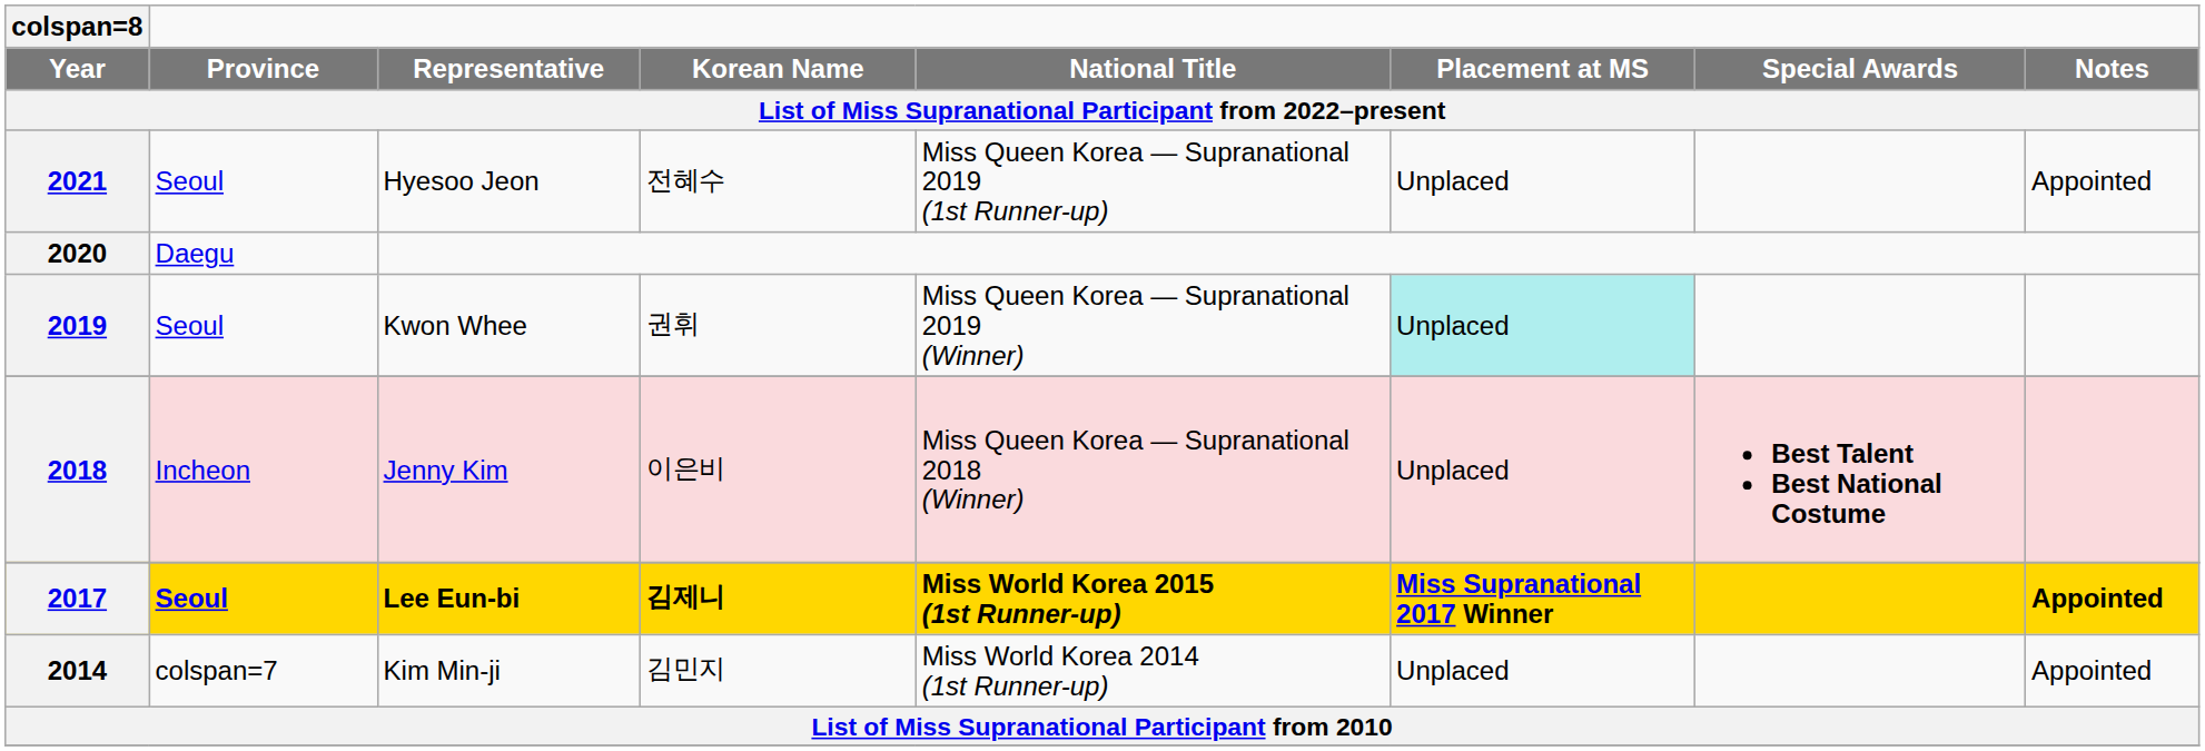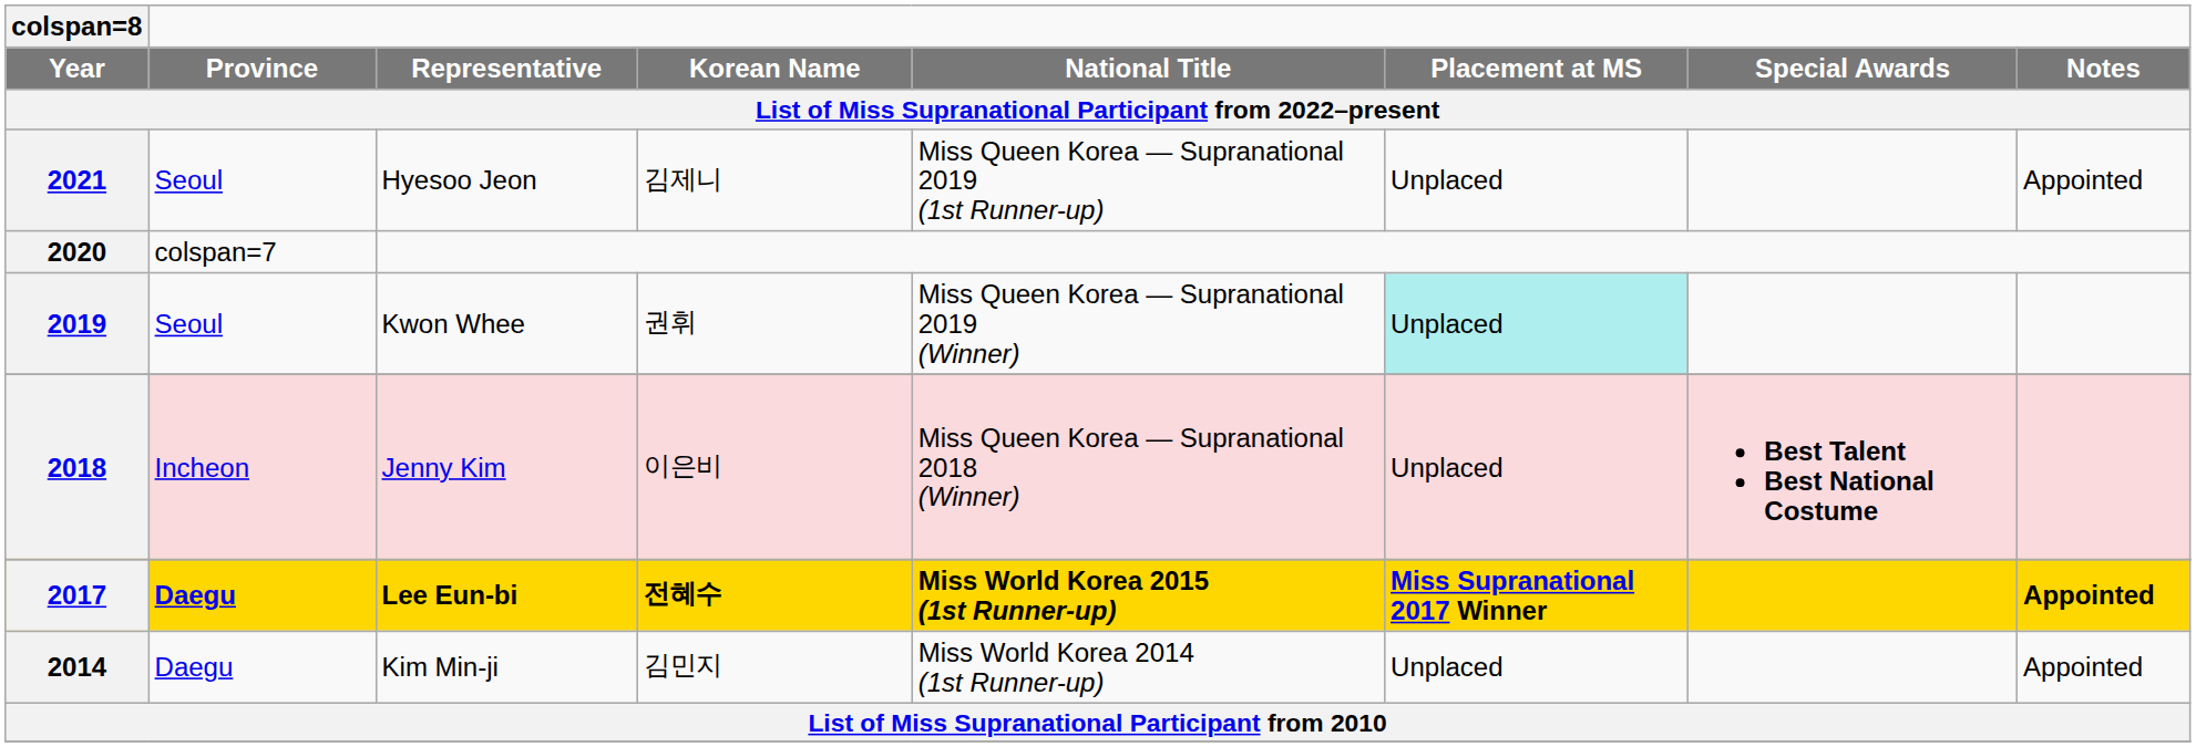 <table class="wikitable " style="font-size: 95%;">
 <tr>
 <th>colspan=8 </th>
 </tr>
 <tr>
 <th width="60" style="background-color:#787878;color:#FFFFFF;">Year</th>
 <th width="150" style="background-color:#787878;color:#FFFFFF;">Province</th>
 <th width="160" style="background-color:#787878;color:#FFFFFF;">Representative</th>
 <th width="200" style="background-color:#787878;color:#FFFFFF;">Korean Name</th>
 <th width="350" style="background-color:#787878;color:#FFFFFF;">National Title</th>
 <th width="200" style="background-color:#787878;color:#FFFFFF;">Placement at MS</th>
 <th width="220" style="background-color:#787878;color:#FFFFFF;">Special Awards</th>
 <th width="100" style="background-color:#787878;color:#FFFFFF;">Notes</th>
 </tr>
 <tr>
 <th colspan="8" style="font-size:95%;"><a href='#'>List of Miss Supranational Participant</a> from 2022–present</th>
 </tr>
 <tr>
 <th><a href='#'>2021</a></th>
 <td><a href='#'>Seoul</a></td>
 <td>Hyesoo Jeon</td>
-<td>전혜수</td>
+<td>김제니</td>
 <td>Miss Queen Korea — Supranational 2019 <br><em>(1st Runner-up)</em></td>
 <td>Unplaced</td>
 <td></td>
 <td>Appointed</td>
 </tr>
 <tr>
 <th>2020</th>
-<td><a href='#'>Daegu</a></td>
+<td>colspan=7 </td>
 </tr>
 <tr>
 <th><a href='#'>2019</a></th>
 <td><a href='#'>Seoul</a></td>
 <td>Kwon Whee</td>
 <td>권휘</td>
 <td>Miss Queen Korea — Supranational 2019 <br><em>(Winner)</em></td>
 <td style="background: paleturquoise;">Unplaced</td>
 <td></td>
 <td></td>
 </tr>
 <tr>
 </tr>
 <tr style="background-color:#FADADD; ">
 <th><a href='#'>2018</a></th>
 <td><a href='#'>Incheon</a></td>
 <td><a href='#'>Jenny Kim</a></td>
 <td>이은비</td>
 <td>Miss Queen Korea — Supranational 2018 <br><em>(Winner)</em></td>
 <td>Unplaced</td>
 <td><br><ul><li><strong>Best Talent</strong></li><li><strong>Best National Costume</strong></li></ul></td>
 <td></td>
 </tr>
 <tr>
 </tr>
 <tr style="background-color:gold; font-weight: bold ">
 <th><a href='#'>2017</a></th>
-<td><a href='#'>Seoul</a></td>
+<td><a href='#'>Daegu</a></td>
 <td>Lee Eun-bi</td>
-<td>김제니</td>
+<td>전혜수</td>
 <td>Miss World Korea 2015 <em><br>(1st Runner-up)</em></td>
 <td><strong><a href='#'>Miss Supranational 2017</a> Winner</strong></td>
 <td></td>
 <td>Appointed</td>
 </tr>
 <tr>
 <th>2014</th>
-<td>colspan=7 </td>
+<td><a href='#'>Daegu</a></td>
 <td>Kim Min-ji</td>
 <td>김민지</td>
 <td>Miss World Korea 2014 <em><br>(1st Runner-up)</em></td>
 <td>Unplaced</td>
 <td></td>
 <td>Appointed</td>
 </tr>
 <tr>
 <th colspan="8" style="font-size:95%;"><a href='#'>List of Miss Supranational Participant</a> from 2010</th>
 </tr>
 <tr>
 </tr>
 </table>
